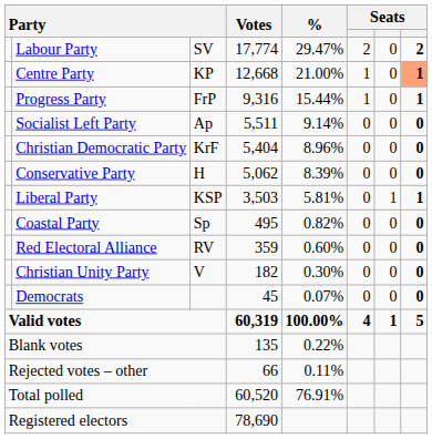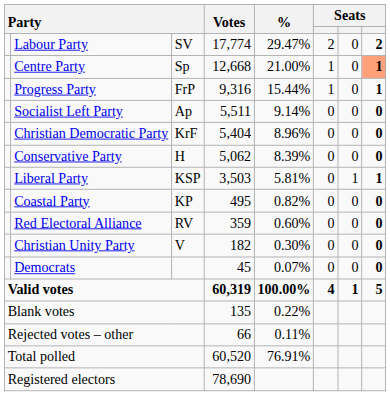 <table class="wikitable" border="1" style="text-align:right;">
 <tr>
 <th style="text-align:left;" valign=bottom rowspan=2 colspan=3>Party</th>
 <th align=center valign=bottom rowspan=2 width="50">Votes</th>
 <th align=center valign=bottom rowspan=2 width="50">%</th>
 <th colspan=3>Seats</th>
 </tr>
 <tr>
 <th align=center valign=bottom width="20"><small></small></th>
 <th align=center valign=bottom width="20"><small><a href='#'></a></small></th>
 <th align=center valign=bottom width="20"><small></small></th>
 </tr>
 <tr>
 <td style="color:inherit;background:"></td>
 <td align=left><a href='#'>Labour Party</a></td>
 <td align=left>SV</td>
 <td>17,774</td>
 <td>29.47%</td>
 <td>2</td>
 <td>0</td>
 <td><strong>2</strong></td>
 </tr>
 <tr>
 <td style="color:inherit;background:"></td>
 <td align=left><a href='#'>Centre Party</a></td>
-<td align=left>KP</td>
+<td align=left>Sp</td>
 <td>12,668</td>
 <td>21.00%</td>
 <td>1</td>
 <td>0</td>
 <td style="background: lightsalmon;"><strong>1</strong></td>
 </tr>
 <tr>
 <td style="color:inherit;background:"></td>
 <td align=left><a href='#'>Progress Party</a></td>
 <td align=left>FrP</td>
 <td>9,316</td>
 <td>15.44%</td>
 <td>1</td>
 <td>0</td>
 <td><strong>1</strong></td>
 </tr>
 <tr>
 <td style="color:inherit;background:"></td>
 <td align=left><a href='#'>Socialist Left Party</a></td>
 <td align=left>Ap</td>
 <td>5,511</td>
 <td>9.14%</td>
 <td>0</td>
 <td>0</td>
 <td><strong>0</strong></td>
 </tr>
 <tr>
 <td style="color:inherit;background:"></td>
 <td align=left><a href='#'>Christian Democratic Party</a></td>
 <td align=left>KrF</td>
 <td>5,404</td>
 <td>8.96%</td>
 <td>0</td>
 <td>0</td>
 <td><strong>0</strong></td>
 </tr>
 <tr>
 <td style="color:inherit;background:"></td>
 <td align=left><a href='#'>Conservative Party</a></td>
 <td align=left>H</td>
 <td>5,062</td>
 <td>8.39%</td>
 <td>0</td>
 <td>0</td>
 <td><strong>0</strong></td>
 </tr>
 <tr>
 <td style="color:inherit;background:"></td>
 <td align=left><a href='#'>Liberal Party</a></td>
 <td align=left>KSP</td>
 <td>3,503</td>
 <td>5.81%</td>
 <td>0</td>
 <td>1</td>
 <td><strong>1</strong></td>
 </tr>
 <tr>
 <td style="color:inherit;background:"></td>
 <td align=left><a href='#'>Coastal Party</a></td>
-<td align=left>Sp</td>
+<td align=left>KP</td>
 <td>495</td>
 <td>0.82%</td>
 <td>0</td>
 <td>0</td>
 <td><strong>0</strong></td>
 </tr>
 <tr>
 <td style="color:inherit;background:"></td>
 <td align=left><a href='#'>Red Electoral Alliance</a></td>
 <td align=left>RV</td>
 <td>359</td>
 <td>0.60%</td>
 <td>0</td>
 <td>0</td>
 <td><strong>0</strong></td>
 </tr>
 <tr>
 <td style="color:inherit;background:"></td>
 <td align=left><a href='#'>Christian Unity Party</a></td>
 <td align=left>V</td>
 <td>182</td>
 <td>0.30%</td>
 <td>0</td>
 <td>0</td>
 <td><strong>0</strong></td>
 </tr>
 <tr>
 <td style="color:inherit;background:"></td>
 <td align=left><a href='#'>Democrats</a></td>
 <td align=left></td>
 <td>45</td>
 <td>0.07%</td>
 <td>0</td>
 <td>0</td>
 <td><strong>0</strong></td>
 </tr>
 <tr style="font-weight:bold">
 <td align=left colspan=3>Valid votes</td>
 <td>60,319</td>
 <td>100.00%</td>
 <td>4</td>
 <td>1</td>
 <td>5</td>
 </tr>
 <tr>
 <td align=left colspan=3>Blank votes</td>
 <td>135</td>
 <td>0.22%</td>
 <td></td>
 <td></td>
 <td></td>
 </tr>
 <tr>
 <td align=left colspan=3>Rejected votes – other</td>
 <td>66</td>
 <td>0.11%</td>
 <td></td>
 <td></td>
 <td></td>
 </tr>
 <tr>
 <td align=left colspan=3>Total polled</td>
 <td>60,520</td>
 <td>76.91%</td>
 <td></td>
 <td></td>
 <td></td>
 </tr>
 <tr>
 <td align=left colspan=3>Registered electors</td>
 <td>78,690</td>
 <td></td>
 <td></td>
 <td></td>
 <td></td>
 </tr>
 </table>
